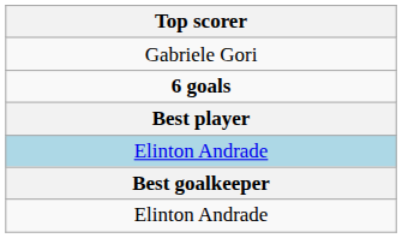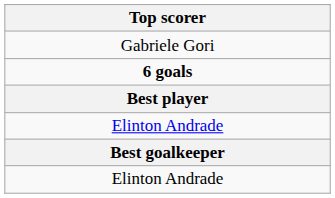 <table class="wikitable" style="margin: 1em auto 1em auto;">
 <tr>
 <th width=300>Top scorer</th>
 </tr>
 <tr align=center style="background:">
 <td style="text-align:center;"> Gabriele Gori</td>
 </tr>
 <tr>
 <td style="text-align:center;"><strong>6 goals</strong></td>
 </tr>
 <tr>
 <th>Best player</th>
 </tr>
 <tr>
-<td style="background: lightblue; text-align:center;"> <a href='#'>Elinton Andrade</a></td>
+<td style="text-align:center;"> <a href='#'>Elinton Andrade</a></td>
 </tr>
 <tr>
 <th>Best goalkeeper</th>
 </tr>
 <tr>
 <td style="text-align:center;"> Elinton Andrade</td>
 </tr>
 </table>
